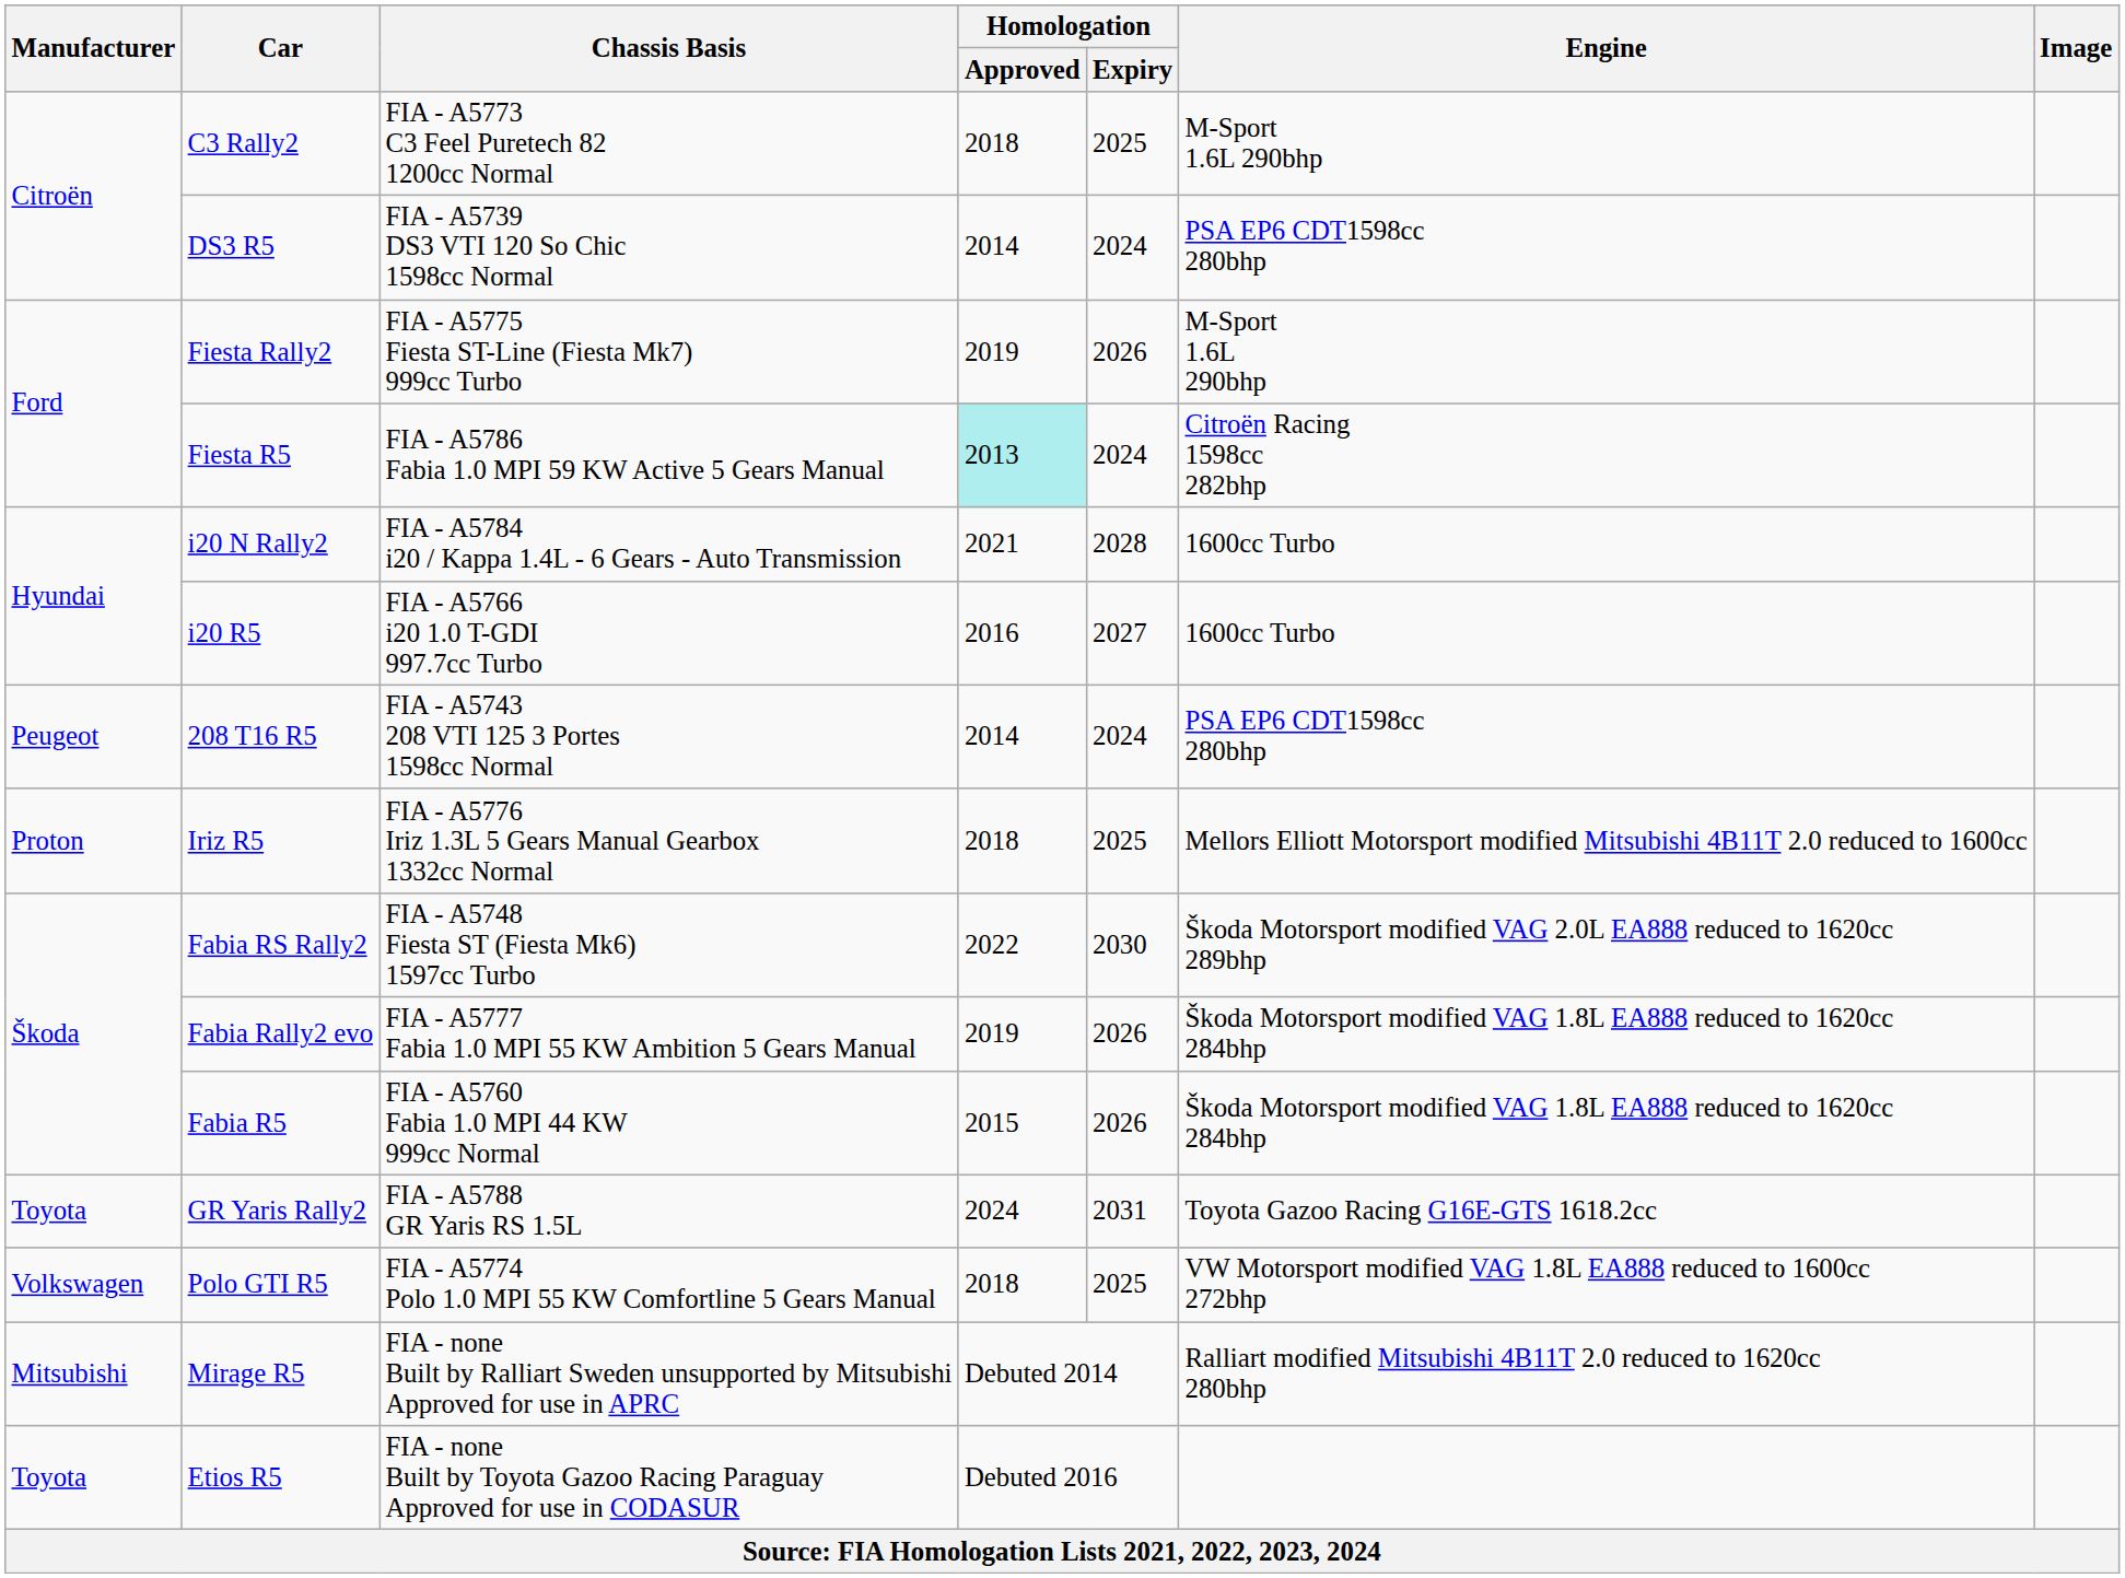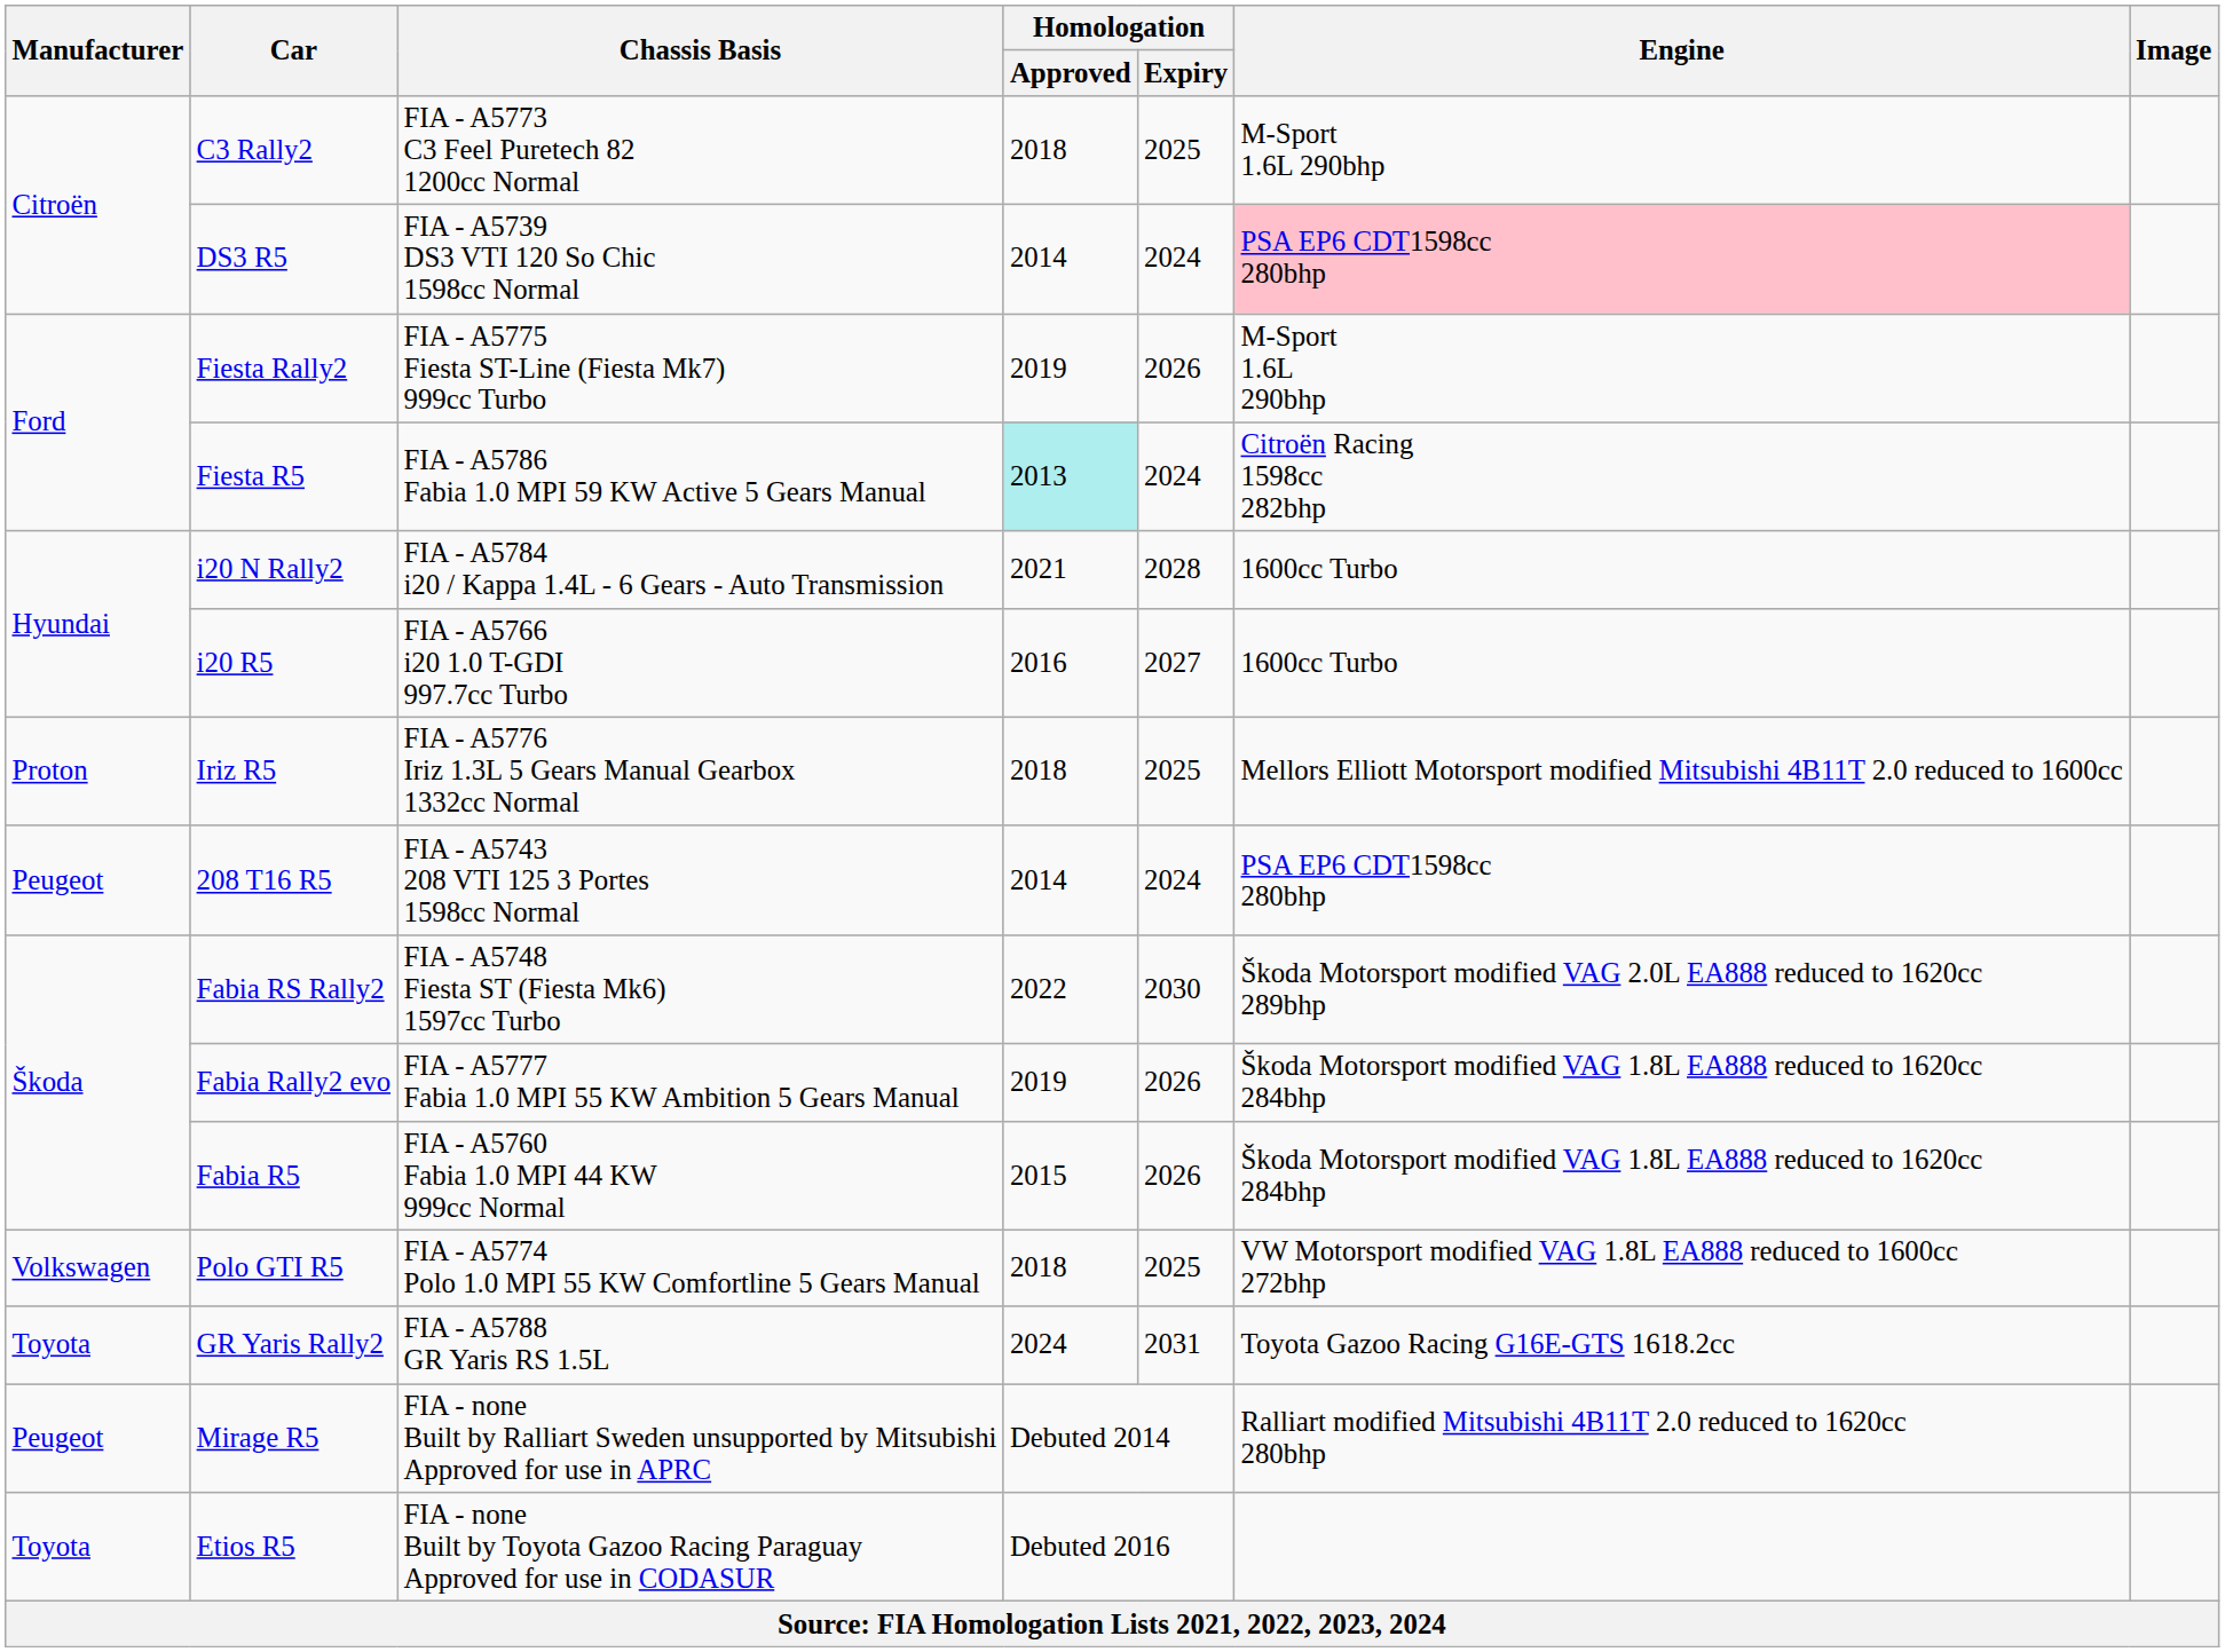 <table class="wikitable sortable">
 <tr>
 <th rowspan="2">Manufacturer</th>
 <th rowspan="2">Car</th>
 <th rowspan="2">Chassis Basis</th>
 <th colspan="2">Homologation</th>
 <th rowspan="2">Engine</th>
 <th rowspan="2">Image</th>
 </tr>
 <tr>
 <th>Approved</th>
 <th>Expiry</th>
 </tr>
 <tr>
 <td rowspan="2"> <a href='#'>Citroën</a></td>
 <td><a href='#'>C3 Rally2</a></td>
 <td>FIA - A5773<br>C3 Feel Puretech 82<br>1200cc Normal</td>
 <td>2018</td>
 <td>2025</td>
 <td>M-Sport<br>1.6L 290bhp</td>
 <td></td>
 </tr>
 <tr>
 <td><a href='#'>DS3 R5</a></td>
 <td>FIA - A5739<br>DS3 VTI 120 So Chic<br>1598cc Normal</td>
 <td>2014</td>
 <td>2024</td>
-<td><a href='#'>PSA EP6 CDT</a>1598cc<br>280bhp</td>
+<td style="background: pink;"><a href='#'>PSA EP6 CDT</a>1598cc<br>280bhp</td>
 <td></td>
 </tr>
 <tr>
 <td rowspan="2"> <a href='#'>Ford</a></td>
 <td><a href='#'>Fiesta Rally2</a></td>
 <td>FIA - A5775<br>Fiesta ST-Line (Fiesta Mk7)<br>999cc Turbo</td>
 <td>2019</td>
 <td>2026</td>
 <td>M-Sport<br>1.6L<br>290bhp</td>
 <td></td>
 </tr>
 <tr>
 <td><a href='#'>Fiesta R5</a></td>
 <td>FIA - A5786<br>Fabia 1.0 MPI 59 KW Active 5 Gears Manual</td>
 <td style="background: paleturquoise;">2013</td>
 <td>2024</td>
 <td><a href='#'>Citroën</a> Racing<br>1598cc<br>282bhp</td>
 <td></td>
 </tr>
 <tr>
 <td rowspan="2"> <a href='#'>Hyundai</a></td>
 <td><a href='#'>i20 N Rally2</a></td>
 <td>FIA - A5784<br>i20 / Kappa 1.4L - 6 Gears - Auto Transmission<br></td>
 <td>2021</td>
 <td>2028</td>
 <td>1600cc Turbo</td>
 <td></td>
 </tr>
 <tr>
 <td><a href='#'>i20 R5</a></td>
 <td>FIA - A5766<br>i20 1.0 T-GDI<br>997.7cc Turbo</td>
 <td>2016</td>
 <td>2027</td>
 <td>1600cc Turbo</td>
 <td></td>
 </tr>
 <tr>
+<td> <a href='#'>Proton</a></td>
+<td><a href='#'>Iriz R5</a></td>
+<td>FIA - A5776<br>Iriz 1.3L 5 Gears Manual Gearbox<br>1332cc Normal</td>
+<td>2018</td>
+<td>2025</td>
+<td>Mellors Elliott Motorsport modified <a href='#'>Mitsubishi 4B11T</a> 2.0 reduced to 1600cc</td>
+<td></td>
+</tr>
+<tr>
 <td> <a href='#'>Peugeot</a></td>
 <td><a href='#'>208 T16 R5</a></td>
 <td>FIA - A5743<br>208 VTI 125 3 Portes<br>1598cc Normal</td>
 <td>2014</td>
 <td>2024</td>
 <td><a href='#'>PSA EP6 CDT</a>1598cc<br>280bhp</td>
-<td></td>
-</tr>
-<tr>
-<td> <a href='#'>Proton</a></td>
-<td><a href='#'>Iriz R5</a></td>
-<td>FIA - A5776<br>Iriz 1.3L 5 Gears Manual Gearbox<br>1332cc Normal</td>
-<td>2018</td>
-<td>2025</td>
-<td>Mellors Elliott Motorsport modified <a href='#'>Mitsubishi 4B11T</a> 2.0 reduced to 1600cc</td>
 <td></td>
 </tr>
 <tr>
 <td rowspan="3"> <a href='#'>Škoda</a></td>
 <td><a href='#'>Fabia RS Rally2</a></td>
 <td>FIA - A5748<br>Fiesta ST (Fiesta Mk6)<br>1597cc Turbo</td>
 <td>2022</td>
 <td>2030</td>
 <td>Škoda Motorsport modified <a href='#'>VAG</a> 2.0L <a href='#'>EA888</a> reduced to 1620cc<br>289bhp</td>
 <td></td>
 </tr>
 <tr>
 <td><a href='#'>Fabia Rally2 evo</a></td>
 <td>FIA - A5777<br>Fabia 1.0 MPI 55 KW Ambition 5 Gears Manual<br></td>
 <td>2019</td>
 <td>2026</td>
 <td>Škoda Motorsport modified <a href='#'>VAG</a> 1.8L <a href='#'>EA888</a> reduced to 1620cc<br>284bhp</td>
 <td></td>
 </tr>
 <tr>
 <td><a href='#'>Fabia R5</a></td>
 <td>FIA - A5760<br>Fabia 1.0 MPI 44 KW<br>999cc Normal</td>
 <td>2015</td>
 <td>2026</td>
 <td>Škoda Motorsport modified <a href='#'>VAG</a> 1.8L <a href='#'>EA888</a> reduced to 1620cc<br>284bhp</td>
 <td></td>
 </tr>
 <tr>
+<td> <a href='#'>Volkswagen</a></td>
+<td><a href='#'>Polo GTI R5</a></td>
+<td>FIA - A5774<br>Polo 1.0 MPI 55 KW Comfortline 5 Gears Manual<br></td>
+<td>2018</td>
+<td>2025</td>
+<td>VW Motorsport modified <a href='#'>VAG</a> 1.8L <a href='#'>EA888</a> reduced to 1600cc<br>272bhp</td>
+<td></td>
+</tr>
+<tr>
 <td> <a href='#'>Toyota</a></td>
 <td><a href='#'>GR Yaris Rally2</a></td>
 <td>FIA - A5788<br>GR Yaris RS 1.5L</td>
 <td>2024</td>
 <td>2031</td>
 <td>Toyota Gazoo Racing <a href='#'>G16E-GTS</a> 1618.2cc</td>
 <td></td>
 </tr>
 <tr>
-<td> <a href='#'>Volkswagen</a></td>
-<td><a href='#'>Polo GTI R5</a></td>
-<td>FIA - A5774<br>Polo 1.0 MPI 55 KW Comfortline 5 Gears Manual<br></td>
-<td>2018</td>
-<td>2025</td>
-<td>VW Motorsport modified <a href='#'>VAG</a> 1.8L <a href='#'>EA888</a> reduced to 1600cc<br>272bhp</td>
-<td></td>
-</tr>
-<tr>
-<td> <a href='#'>Mitsubishi</a></td>
+<td> <a href='#'>Peugeot</a></td>
 <td><a href='#'>Mirage R5</a></td>
 <td>FIA - none<br>Built by Ralliart Sweden unsupported by Mitsubishi<br>Approved for use in <a href='#'>APRC</a></td>
 <td colspan="2">Debuted 2014</td>
 <td>Ralliart modified <a href='#'>Mitsubishi 4B11T</a> 2.0 reduced to 1620cc<br>280bhp</td>
 <td></td>
 </tr>
 <tr>
 <td> <a href='#'>Toyota</a></td>
 <td><a href='#'>Etios R5</a></td>
 <td>FIA - none<br>Built by Toyota Gazoo Racing Paraguay<br>Approved for use in <a href='#'>CODASUR</a></td>
 <td colspan="2">Debuted 2016</td>
 <td></td>
 <td></td>
 </tr>
 <tr>
 <th colspan="7">Source: FIA Homologation Lists 2021, 2022, 2023, 2024</th>
 </tr>
 </table>
